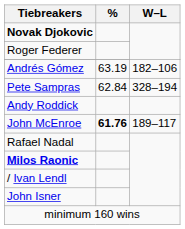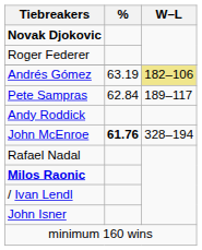 <table class=wikitable style="display:inline-table;">
 <tr>
 <th>Tiebreakers</th>
 <th>%</th>
 <th>W–L </th>
 </tr>
 <tr>
 <td> <strong>Novak Djokovic</strong></td>
 <td></td>
 </tr>
 <tr>
 <td> Roger Federer</td>
 <td></td>
 </tr>
 <tr>
 </tr>
 <tr>
 <td> <a href='#'>Andrés Gómez</a></td>
 <td>63.19</td>
-<td>182–106</td>
+<td style="background: khaki;">182–106</td>
 </tr>
 <tr>
 <td> <a href='#'>Pete Sampras</a></td>
 <td>62.84</td>
-<td>328–194</td>
+<td>189–117</td>
 </tr>
 <tr>
 <td> <a href='#'>Andy Roddick</a></td>
 <td></td>
 </tr>
 <tr>
 <td> <a href='#'>John McEnroe</a></td>
 <td><strong>61.76</strong></td>
-<td>189–117</td>
+<td>328–194</td>
 </tr>
 <tr>
 <td> Rafael Nadal</td>
 <td></td>
 </tr>
 <tr>
 <td> <strong><a href='#'>Milos Raonic</a></strong></td>
 <td></td>
 </tr>
 <tr>
 <td>/ <a href='#'>Ivan Lendl</a></td>
 <td></td>
 </tr>
 <tr>
 <td> <a href='#'>John Isner</a></td>
 <td></td>
 </tr>
 <tr>
 <td colspan="4" style="text-align:center;">minimum 160 wins</td>
 </tr>
 </table>
